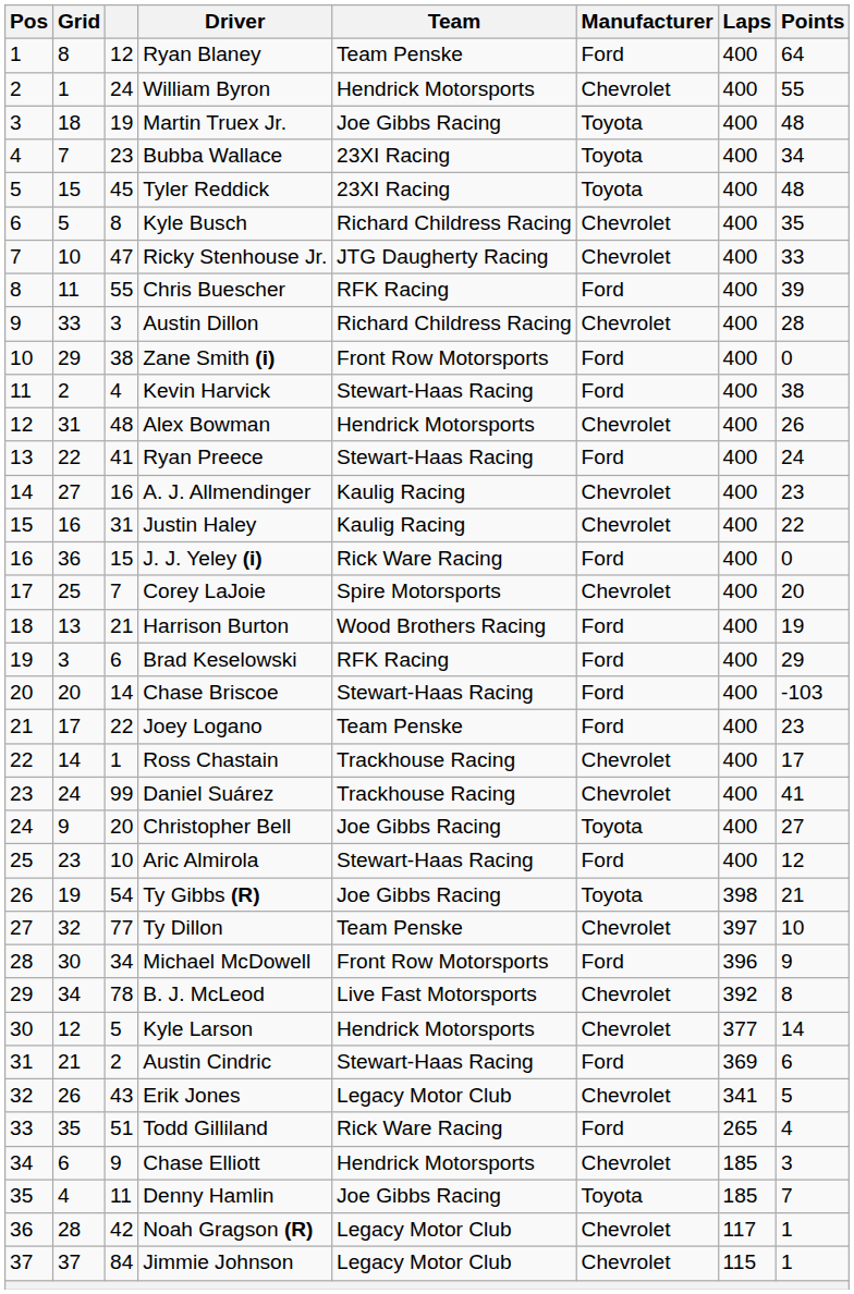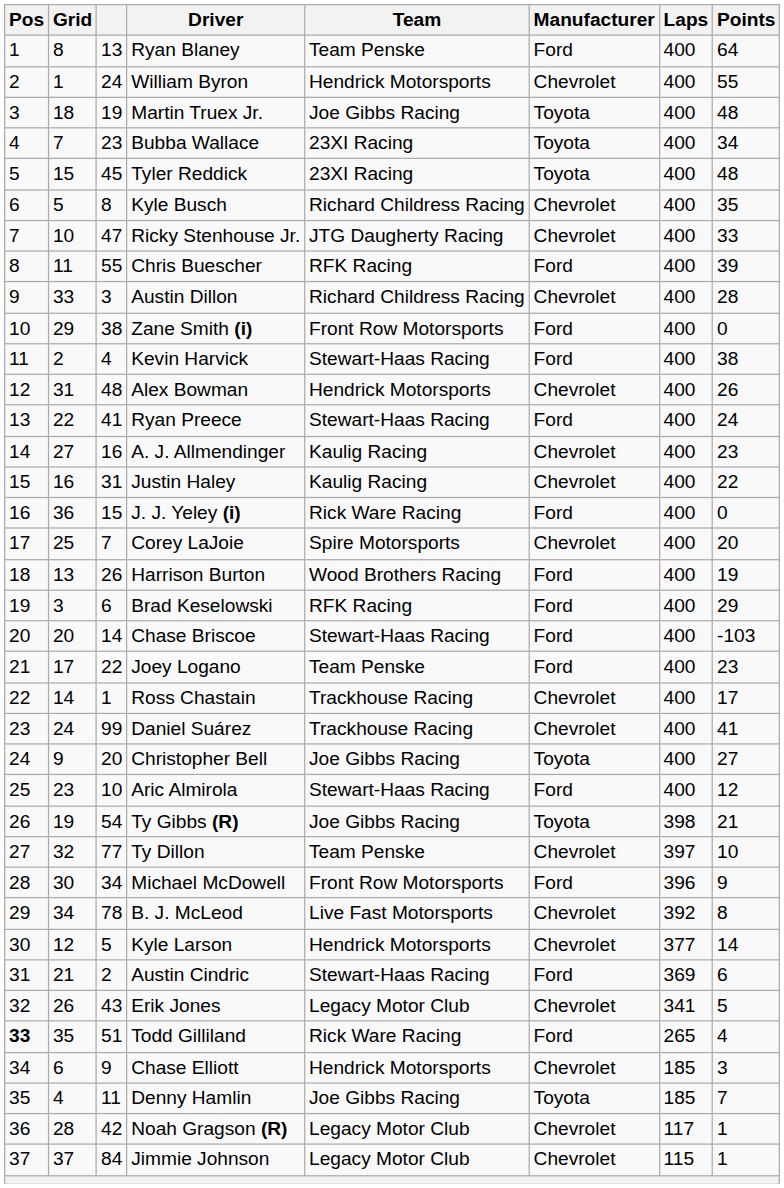 <table class="wikitable" style="font-size:98%">
 <tr>
 <th>Pos</th>
 <th>Grid</th>
 <th></th>
 <th>Driver</th>
 <th>Team</th>
 <th>Manufacturer</th>
 <th>Laps</th>
 <th>Points</th>
 </tr>
 <tr>
 <td>1</td>
 <td>8</td>
-<td>12</td>
+<td>13</td>
 <td>Ryan Blaney</td>
 <td>Team Penske</td>
 <td>Ford</td>
 <td>400</td>
 <td>64</td>
 </tr>
 <tr>
 <td>2</td>
 <td>1</td>
 <td>24</td>
 <td>William Byron</td>
 <td>Hendrick Motorsports</td>
 <td>Chevrolet</td>
 <td>400</td>
 <td>55</td>
 </tr>
 <tr>
 <td>3</td>
 <td>18</td>
 <td>19</td>
 <td>Martin Truex Jr.</td>
 <td>Joe Gibbs Racing</td>
 <td>Toyota</td>
 <td>400</td>
 <td>48</td>
 </tr>
 <tr>
 <td>4</td>
 <td>7</td>
 <td>23</td>
 <td>Bubba Wallace</td>
 <td>23XI Racing</td>
 <td>Toyota</td>
 <td>400</td>
 <td>34</td>
 </tr>
 <tr>
 <td>5</td>
 <td>15</td>
 <td>45</td>
 <td>Tyler Reddick</td>
 <td>23XI Racing</td>
 <td>Toyota</td>
 <td>400</td>
 <td>48</td>
 </tr>
 <tr>
 <td>6</td>
 <td>5</td>
 <td>8</td>
 <td>Kyle Busch</td>
 <td>Richard Childress Racing</td>
 <td>Chevrolet</td>
 <td>400</td>
 <td>35</td>
 </tr>
 <tr>
 <td>7</td>
 <td>10</td>
 <td>47</td>
 <td>Ricky Stenhouse Jr.</td>
 <td>JTG Daugherty Racing</td>
 <td>Chevrolet</td>
 <td>400</td>
 <td>33</td>
 </tr>
 <tr>
 <td>8</td>
 <td>11</td>
 <td>55</td>
 <td>Chris Buescher</td>
 <td>RFK Racing</td>
 <td>Ford</td>
 <td>400</td>
 <td>39</td>
 </tr>
 <tr>
 <td>9</td>
 <td>33</td>
 <td>3</td>
 <td>Austin Dillon</td>
 <td>Richard Childress Racing</td>
 <td>Chevrolet</td>
 <td>400</td>
 <td>28</td>
 </tr>
 <tr>
 <td>10</td>
 <td>29</td>
 <td>38</td>
 <td>Zane Smith <strong>(i)</strong></td>
 <td>Front Row Motorsports</td>
 <td>Ford</td>
 <td>400</td>
 <td>0</td>
 </tr>
 <tr>
 <td>11</td>
 <td>2</td>
 <td>4</td>
 <td>Kevin Harvick</td>
 <td>Stewart-Haas Racing</td>
 <td>Ford</td>
 <td>400</td>
 <td>38</td>
 </tr>
 <tr>
 <td>12</td>
 <td>31</td>
 <td>48</td>
 <td>Alex Bowman</td>
 <td>Hendrick Motorsports</td>
 <td>Chevrolet</td>
 <td>400</td>
 <td>26</td>
 </tr>
 <tr>
 <td>13</td>
 <td>22</td>
 <td>41</td>
 <td>Ryan Preece</td>
 <td>Stewart-Haas Racing</td>
 <td>Ford</td>
 <td>400</td>
 <td>24</td>
 </tr>
 <tr>
 <td>14</td>
 <td>27</td>
 <td>16</td>
 <td>A. J. Allmendinger</td>
 <td>Kaulig Racing</td>
 <td>Chevrolet</td>
 <td>400</td>
 <td>23</td>
 </tr>
 <tr>
 <td>15</td>
 <td>16</td>
 <td>31</td>
 <td>Justin Haley</td>
 <td>Kaulig Racing</td>
 <td>Chevrolet</td>
 <td>400</td>
 <td>22</td>
 </tr>
 <tr>
 <td>16</td>
 <td>36</td>
 <td>15</td>
 <td>J. J. Yeley <strong>(i)</strong></td>
 <td>Rick Ware Racing</td>
 <td>Ford</td>
 <td>400</td>
 <td>0</td>
 </tr>
 <tr>
 <td>17</td>
 <td>25</td>
 <td>7</td>
 <td>Corey LaJoie</td>
 <td>Spire Motorsports</td>
 <td>Chevrolet</td>
 <td>400</td>
 <td>20</td>
 </tr>
 <tr>
 <td>18</td>
 <td>13</td>
-<td>21</td>
+<td>26</td>
 <td>Harrison Burton</td>
 <td>Wood Brothers Racing</td>
 <td>Ford</td>
 <td>400</td>
 <td>19</td>
 </tr>
 <tr>
 <td>19</td>
 <td>3</td>
 <td>6</td>
 <td>Brad Keselowski</td>
 <td>RFK Racing</td>
 <td>Ford</td>
 <td>400</td>
 <td>29</td>
 </tr>
 <tr>
 <td>20</td>
 <td>20</td>
 <td>14</td>
 <td>Chase Briscoe</td>
 <td>Stewart-Haas Racing</td>
 <td>Ford</td>
 <td>400</td>
 <td>-103</td>
 </tr>
 <tr>
 <td>21</td>
 <td>17</td>
 <td>22</td>
 <td>Joey Logano</td>
 <td>Team Penske</td>
 <td>Ford</td>
 <td>400</td>
 <td>23</td>
 </tr>
 <tr>
 <td>22</td>
 <td>14</td>
 <td>1</td>
 <td>Ross Chastain</td>
 <td>Trackhouse Racing</td>
 <td>Chevrolet</td>
 <td>400</td>
 <td>17</td>
 </tr>
 <tr>
 <td>23</td>
 <td>24</td>
 <td>99</td>
 <td>Daniel Suárez</td>
 <td>Trackhouse Racing</td>
 <td>Chevrolet</td>
 <td>400</td>
 <td>41</td>
 </tr>
 <tr>
 <td>24</td>
 <td>9</td>
 <td>20</td>
 <td>Christopher Bell</td>
 <td>Joe Gibbs Racing</td>
 <td>Toyota</td>
 <td>400</td>
 <td>27</td>
 </tr>
 <tr>
 <td>25</td>
 <td>23</td>
 <td>10</td>
 <td>Aric Almirola</td>
 <td>Stewart-Haas Racing</td>
 <td>Ford</td>
 <td>400</td>
 <td>12</td>
 </tr>
 <tr>
 <td>26</td>
 <td>19</td>
 <td>54</td>
 <td>Ty Gibbs <strong>(R)</strong></td>
 <td>Joe Gibbs Racing</td>
 <td>Toyota</td>
 <td>398</td>
 <td>21</td>
 </tr>
 <tr>
 <td>27</td>
 <td>32</td>
 <td>77</td>
 <td>Ty Dillon</td>
 <td>Team Penske</td>
 <td>Chevrolet</td>
 <td>397</td>
 <td>10</td>
 </tr>
 <tr>
 <td>28</td>
 <td>30</td>
 <td>34</td>
 <td>Michael McDowell</td>
 <td>Front Row Motorsports</td>
 <td>Ford</td>
 <td>396</td>
 <td>9</td>
 </tr>
 <tr>
 <td>29</td>
 <td>34</td>
 <td>78</td>
 <td>B. J. McLeod</td>
 <td>Live Fast Motorsports</td>
 <td>Chevrolet</td>
 <td>392</td>
 <td>8</td>
 </tr>
 <tr>
 <td>30</td>
 <td>12</td>
 <td>5</td>
 <td>Kyle Larson</td>
 <td>Hendrick Motorsports</td>
 <td>Chevrolet</td>
 <td>377</td>
 <td>14</td>
 </tr>
 <tr>
 <td>31</td>
 <td>21</td>
 <td>2</td>
 <td>Austin Cindric</td>
 <td>Stewart-Haas Racing</td>
 <td>Ford</td>
 <td>369</td>
 <td>6</td>
 </tr>
 <tr>
 <td>32</td>
 <td>26</td>
 <td>43</td>
 <td>Erik Jones</td>
 <td>Legacy Motor Club</td>
 <td>Chevrolet</td>
 <td>341</td>
 <td>5</td>
 </tr>
 <tr>
-<td>33</td>
+<td><strong>33</strong></td>
 <td>35</td>
 <td>51</td>
 <td>Todd Gilliland</td>
 <td>Rick Ware Racing</td>
 <td>Ford</td>
 <td>265</td>
 <td>4</td>
 </tr>
 <tr>
 <td>34</td>
 <td>6</td>
 <td>9</td>
 <td>Chase Elliott</td>
 <td>Hendrick Motorsports</td>
 <td>Chevrolet</td>
 <td>185</td>
 <td>3</td>
 </tr>
 <tr>
 <td>35</td>
 <td>4</td>
 <td>11</td>
 <td>Denny Hamlin</td>
 <td>Joe Gibbs Racing</td>
 <td>Toyota</td>
 <td>185</td>
 <td>7</td>
 </tr>
 <tr>
 <td>36</td>
 <td>28</td>
 <td>42</td>
 <td>Noah Gragson <strong>(R)</strong></td>
 <td>Legacy Motor Club</td>
 <td>Chevrolet</td>
 <td>117</td>
 <td>1</td>
 </tr>
 <tr>
 <td>37</td>
 <td>37</td>
 <td>84</td>
 <td>Jimmie Johnson</td>
 <td>Legacy Motor Club</td>
 <td>Chevrolet</td>
 <td>115</td>
 <td>1</td>
 </tr>
 <tr>
 <th colspan="8"></th>
 </tr>
 </table>
